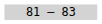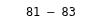 <table style="text-align:center;">
 <tr>
 <th width=200></th>
 <th width=100></th>
 <th width=200></th>
 <th></th>
 </tr>
 <tr>
 <td align=right></td>
-<td style="background: lightgrey;">81 – 83</td>
+<td>81 – 83</td>
 <td align=left><strong></strong></td>
 </tr>
 </table>
